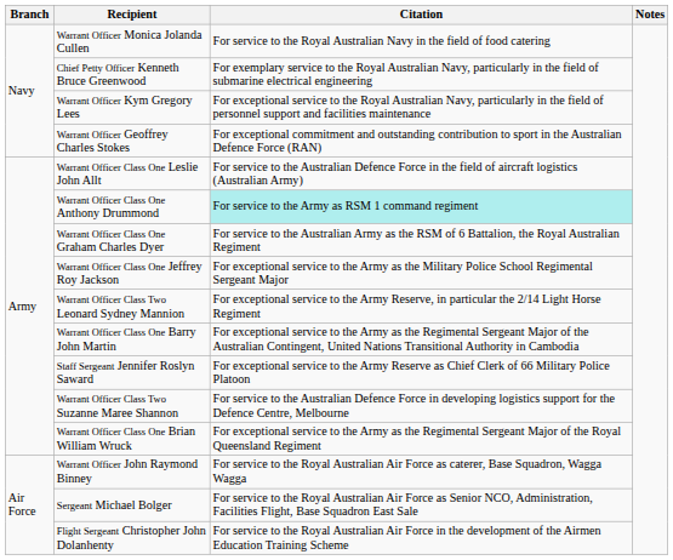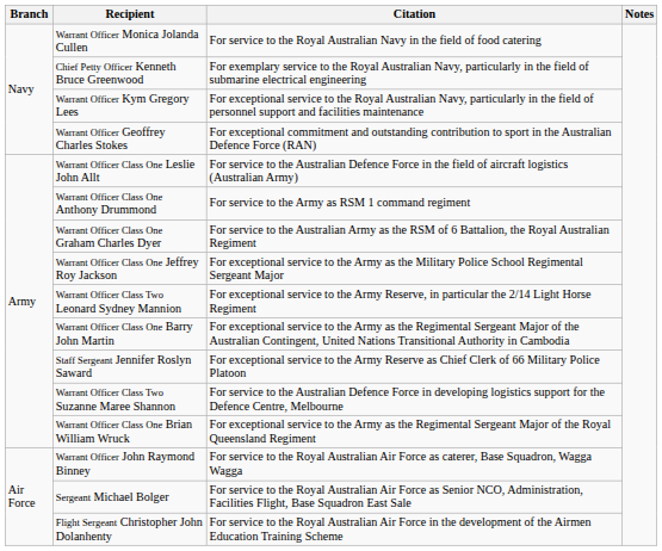 <table class="wikitable">
 <tr>
 <th>Branch</th>
 <th>Recipient</th>
 <th>Citation</th>
 <th>Notes</th>
 </tr>
 <tr>
 <td rowspan="4">Navy</td>
 <td><small>Warrant Officer</small> Monica Jolanda Cullen</td>
 <td>For service to the Royal Australian Navy in the field of food catering</td>
 <td rowspan="16"></td>
 </tr>
 <tr>
 <td><small>Chief Petty Officer</small> Kenneth Bruce Greenwood</td>
 <td>For exemplary service to the Royal Australian Navy, particularly in the field of submarine electrical engineering</td>
 </tr>
 <tr>
 <td><small>Warrant Officer</small> Kym Gregory Lees</td>
 <td>For exceptional service to the Royal Australian Navy, particularly in the field of personnel support and facilities maintenance</td>
 </tr>
 <tr>
 <td><small>Warrant Officer</small> Geoffrey Charles Stokes</td>
 <td>For exceptional commitment and outstanding contribution to sport in the Australian Defence Force (RAN)</td>
 </tr>
 <tr>
 <td rowspan="9">Army</td>
 <td><small>Warrant Officer Class One</small> Leslie John Allt</td>
 <td>For service to the Australian Defence Force in the field of aircraft logistics (Australian Army)</td>
 </tr>
 <tr>
 <td><small>Warrant Officer Class One</small> Anthony Drummond</td>
-<td style="background: paleturquoise;">For service to the Army as RSM 1 command regiment</td>
+<td>For service to the Army as RSM 1 command regiment</td>
 </tr>
 <tr>
 <td><small>Warrant Officer Class One</small> Graham Charles Dyer</td>
 <td>For service to the Australian Army as the RSM of 6 Battalion, the Royal Australian Regiment</td>
 </tr>
 <tr>
 <td><small>Warrant Officer Class One</small> Jeffrey Roy Jackson</td>
 <td>For exceptional service to the Army as the Military Police School Regimental Sergeant Major</td>
 </tr>
 <tr>
 <td><small>Warrant Officer Class Two</small> Leonard Sydney Mannion</td>
 <td>For exceptional service to the Army Reserve, in particular the 2/14 Light Horse Regiment</td>
 </tr>
 <tr>
 <td><small>Warrant Officer Class One</small> Barry John Martin</td>
 <td>For exceptional service to the Army as the Regimental Sergeant Major of the Australian Contingent, United Nations Transitional Authority in Cambodia</td>
 </tr>
 <tr>
 <td><small>Staff Sergeant</small> Jennifer Roslyn Saward</td>
 <td>For exceptional service to the Army Reserve as Chief Clerk of 66 Military Police Platoon</td>
 </tr>
 <tr>
 <td><small>Warrant Officer Class Two</small> Suzanne Maree Shannon</td>
 <td>For service to the Australian Defence Force in developing logistics support for the Defence Centre, Melbourne</td>
 </tr>
 <tr>
 <td><small>Warrant Officer Class One</small> Brian William Wruck</td>
 <td>For exceptional service to the Army as the Regimental Sergeant Major of the Royal Queensland Regiment</td>
 </tr>
 <tr>
 <td rowspan="3">Air Force</td>
 <td><small>Warrant Officer</small> John Raymond Binney</td>
 <td>For service to the Royal Australian Air Force as caterer, Base Squadron, Wagga Wagga</td>
 </tr>
 <tr>
 <td><small>Sergeant</small> Michael Bolger</td>
 <td>For service to the Royal Australian Air Force as Senior NCO, Administration, Facilities Flight, Base Squadron East Sale</td>
 </tr>
 <tr>
 <td><small>Flight Sergeant</small> Christopher John Dolanhenty</td>
 <td>For service to the Royal Australian Air Force in the development of the Airmen Education Training Scheme</td>
 </tr>
 </table>
